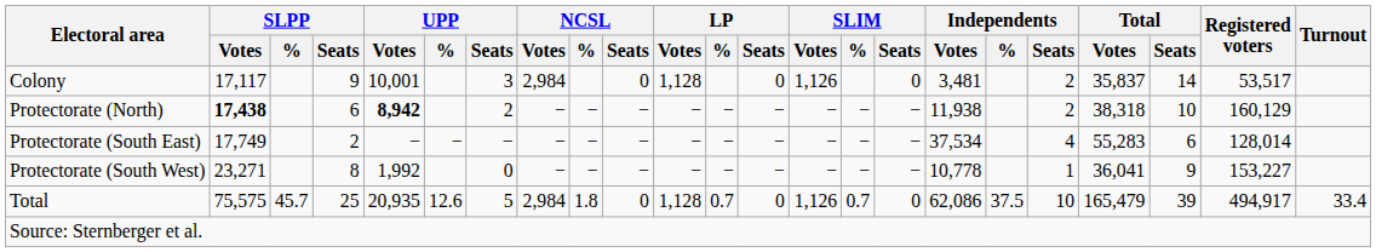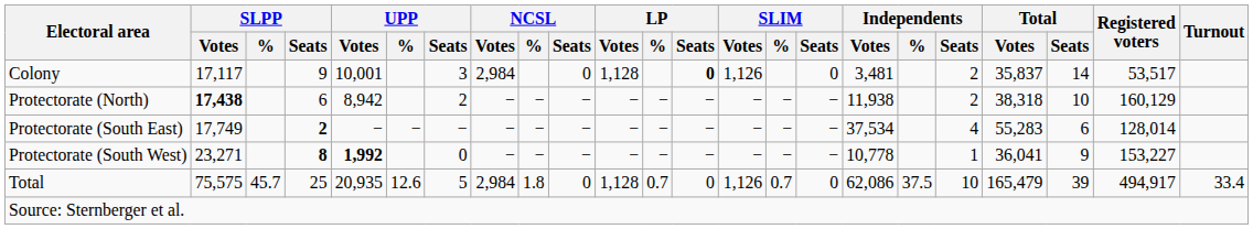 <table class=wikitable style=text-align:right>
 <tr>
 <th rowspan=2>Electoral area</th>
 <th colspan=3><a href='#'>SLPP</a></th>
 <th colspan=3><a href='#'>UPP</a></th>
 <th colspan=3><a href='#'>NCSL</a></th>
 <th colspan=3>LP</th>
 <th colspan=3><a href='#'>SLIM</a></th>
 <th colspan=3>Independents</th>
 <th colspan=2>Total</th>
 <th rowspan=2>Registered<br>voters</th>
 <th rowspan=2>Turnout</th>
 </tr>
 <tr>
 <th>Votes</th>
 <th>%</th>
 <th>Seats</th>
 <th>Votes</th>
 <th>%</th>
 <th>Seats</th>
 <th>Votes</th>
 <th>%</th>
 <th>Seats</th>
 <th>Votes</th>
 <th>%</th>
 <th>Seats</th>
 <th>Votes</th>
 <th>%</th>
 <th>Seats</th>
 <th>Votes</th>
 <th>%</th>
 <th>Seats</th>
 <th>Votes</th>
 <th>Seats</th>
 </tr>
 <tr>
 <td align=left>Colony</td>
 <td>17,117</td>
 <td></td>
 <td>9</td>
 <td>10,001</td>
 <td></td>
 <td>3</td>
 <td>2,984</td>
 <td></td>
 <td>0</td>
 <td>1,128</td>
 <td></td>
-<td>0</td>
+<td><strong>0</strong></td>
 <td>1,126</td>
 <td></td>
 <td>0</td>
 <td>3,481</td>
 <td></td>
 <td>2</td>
 <td>35,837</td>
 <td>14</td>
 <td>53,517</td>
 <td></td>
 </tr>
 <tr>
 <td align=left>Protectorate (North)</td>
 <td><strong>17,438</strong></td>
 <td></td>
 <td>6</td>
-<td><strong>8,942</strong></td>
+<td>8,942</td>
 <td></td>
 <td>2</td>
 <td>−</td>
 <td>−</td>
 <td>−</td>
 <td>−</td>
 <td>−</td>
 <td>−</td>
 <td>−</td>
 <td>−</td>
 <td>−</td>
 <td>11,938</td>
 <td></td>
 <td>2</td>
 <td>38,318</td>
 <td>10</td>
 <td>160,129</td>
 <td></td>
 </tr>
 <tr>
 <td align=left>Protectorate (South East)</td>
 <td>17,749</td>
 <td></td>
-<td>2</td>
+<td><strong>2</strong></td>
 <td>−</td>
 <td>−</td>
 <td>−</td>
 <td>−</td>
 <td>−</td>
 <td>−</td>
 <td>−</td>
 <td>−</td>
 <td>−</td>
 <td>−</td>
 <td>−</td>
 <td>−</td>
 <td>37,534</td>
 <td></td>
 <td>4</td>
 <td>55,283</td>
 <td>6</td>
 <td>128,014</td>
 <td></td>
 </tr>
 <tr>
 <td align=left>Protectorate (South West)</td>
 <td>23,271</td>
 <td></td>
-<td>8</td>
-<td>1,992</td>
+<td><strong>8</strong></td>
+<td><strong>1,992</strong></td>
 <td></td>
 <td>0</td>
 <td>−</td>
 <td>−</td>
 <td>−</td>
 <td>−</td>
 <td>−</td>
 <td>−</td>
 <td>−</td>
 <td>−</td>
 <td>−</td>
 <td>10,778</td>
 <td></td>
 <td>1</td>
 <td>36,041</td>
 <td>9</td>
 <td>153,227</td>
 <td></td>
 </tr>
 <tr>
 <td align=left>Total</td>
 <td>75,575</td>
 <td>45.7</td>
 <td>25</td>
 <td>20,935</td>
 <td>12.6</td>
 <td>5</td>
 <td>2,984</td>
 <td>1.8</td>
 <td>0</td>
 <td>1,128</td>
 <td>0.7</td>
 <td>0</td>
 <td>1,126</td>
 <td>0.7</td>
 <td>0</td>
 <td>62,086</td>
 <td>37.5</td>
 <td>10</td>
 <td>165,479</td>
 <td>39</td>
 <td>494,917</td>
 <td>33.4</td>
 </tr>
 <tr>
 <td align=left colspan=23>Source: Sternberger et al.</td>
 </tr>
 </table>
